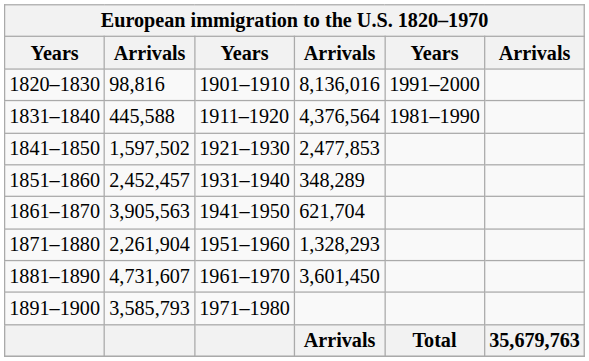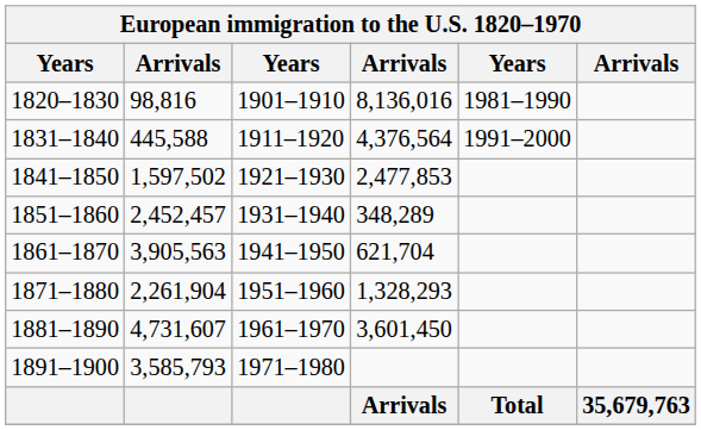 <table class="wikitable" style="font-size:100%; display: inline-table">
 <tr>
 <th colspan="6">European immigration to the U.S. 1820–1970</th>
 </tr>
 <tr>
 <th>Years</th>
 <th>Arrivals</th>
 <th>Years</th>
 <th>Arrivals</th>
 <th>Years</th>
 <th>Arrivals</th>
 </tr>
 <tr>
 <td>1820–1830</td>
 <td>98,816</td>
 <td>1901–1910</td>
 <td>8,136,016</td>
-<td>1991–2000</td>
+<td>1981–1990</td>
 <td></td>
 </tr>
 <tr>
 <td>1831–1840</td>
 <td>445,588</td>
 <td>1911–1920</td>
 <td>4,376,564</td>
-<td>1981–1990</td>
+<td>1991–2000</td>
 <td></td>
 </tr>
 <tr>
 <td>1841–1850</td>
 <td>1,597,502</td>
 <td>1921–1930</td>
 <td>2,477,853</td>
 <td></td>
 <td></td>
 </tr>
 <tr>
 <td>1851–1860</td>
 <td>2,452,457</td>
 <td>1931–1940</td>
 <td>348,289</td>
 <td></td>
 <td></td>
 </tr>
 <tr>
 <td>1861–1870</td>
 <td>3,905,563</td>
 <td>1941–1950</td>
 <td>621,704</td>
 <td></td>
 <td></td>
 </tr>
 <tr>
 <td>1871–1880</td>
 <td>2,261,904</td>
 <td>1951–1960</td>
 <td>1,328,293</td>
 <td></td>
 <td></td>
 </tr>
 <tr>
 <td>1881–1890</td>
 <td>4,731,607</td>
 <td>1961–1970</td>
 <td>3,601,450</td>
 <td></td>
 <td></td>
 </tr>
 <tr>
 <td>1891–1900</td>
 <td>3,585,793</td>
 <td>1971–1980</td>
 <td></td>
 <td></td>
 <td></td>
 </tr>
 <tr class="sortbottom" style="background:lightgrey;">
 <th></th>
 <th></th>
 <th></th>
 <th>Arrivals</th>
 <th>Total</th>
 <th>35,679,763</th>
 </tr>
 <tr>
 </tr>
 </table>
